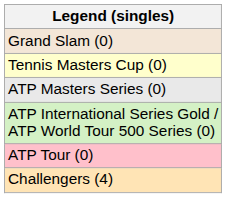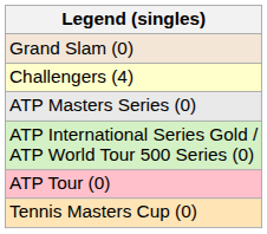 <table class="wikitable">
 <tr>
 <th>Legend (singles)</th>
 </tr>
 <tr style="background:#f3e6d7;">
 <td>Grand Slam (0)</td>
 </tr>
 <tr style="background:#ffc;">
-<td>Tennis Masters Cup (0)</td>
+<td>Challengers (4)</td>
 </tr>
 <tr style="background:#e9e9e9;">
 <td>ATP Masters Series (0)</td>
 </tr>
 <tr style="background:#d4f1c5;">
 <td>ATP International Series Gold / <br> ATP World Tour 500 Series (0)</td>
 </tr>
 <tr>
 <td style="background: pink;">ATP Tour (0)</td>
 </tr>
 <tr style="background:moccasin;">
-<td>Challengers (4)</td>
+<td>Tennis Masters Cup (0)</td>
 </tr>
 </table>
